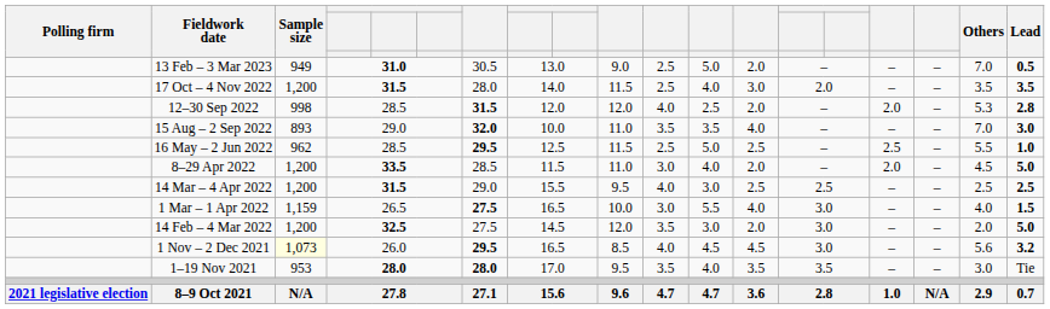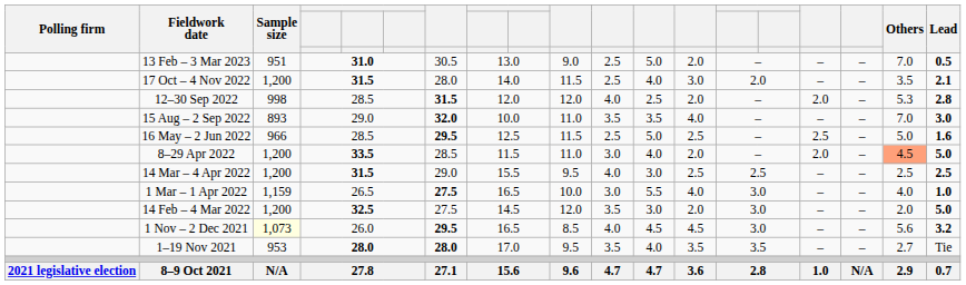 <table class="wikitable mw-collapsible sortable" style="text-align:center;font-size:90%;line-height:14px;">
 <tr>
 <th rowspan="3">Polling firm</th>
 <th rowspan="3">Fieldwork<br>date</th>
 <th rowspan="3">Sample<br>size</th>
 <th colspan="3" class="unsortable" style="width:40px;"></th>
 <th rowspan="2" class="unsortable" style="width:40px;"></th>
 <th colspan="2" class="unsortable" style="width:40px;"></th>
 <th rowspan="2" class="unsortable" style="width:40px;"></th>
 <th rowspan="2" class="unsortable" style="width:40px;"></th>
 <th rowspan="2" class="unsortable" style="width:40px;"></th>
 <th rowspan="2" class="unsortable" style="width:40px;"></th>
 <th colspan="2" class="unsortable" style="width:40px;"></th>
 <th rowspan="2" class="unsortable" style="width:40px;"></th>
 <th rowspan="2" class="unsortable" style="width:40px;"></th>
 <th rowspan="3" style="width:40px;">Others</th>
 <th rowspan="3" style="width:25px;">Lead</th>
 </tr>
 <tr style="height:40px;">
 <th class="unsortable" style="width:40px;"></th>
 <th class="unsortable" style="width:40px;"></th>
 <th class="unsortable" style="width:40px;"></th>
 <th class="unsortable" style="width:40px;"></th>
 <th class="unsortable" style="width:40px;"></th>
 <th class="unsortable" style="width:40px;"></th>
 <th class="unsortable" style="width:40px;"></th>
 </tr>
 <tr>
 <th class="unsortable" style="color:inherit;background:"></th>
 <th class="unsortable" style="color:inherit;background:"></th>
 <th class="unsortable" style="color:inherit;background:"></th>
 <th class="unsortable" style="color:inherit;background:"></th>
 <th class="unsortable" style="color:inherit;background:"></th>
 <th class="unsortable" style="color:inherit;background:"></th>
 <th class="unsortable" style="color:inherit;background:"></th>
 <th class="unsortable" style="color:inherit;background:"></th>
 <th class="unsortable" style="color:inherit;background:"></th>
 <th class="unsortable" style="color:inherit;background:"></th>
 <th class="unsortable" style="color:inherit;background:"></th>
 <th class="unsortable" style="color:inherit;background:"></th>
 <th class="unsortable" style="color:inherit;background:"></th>
 <th class="unsortable" style="color:inherit;background:"></th>
 </tr>
 <tr>
 <td></td>
 <td>13 Feb – 3 Mar 2023</td>
-<td>949</td>
+<td>951</td>
 <td colspan="3" ><strong>31.0</strong></td>
 <td>30.5</td>
 <td colspan="2">13.0</td>
 <td>9.0</td>
 <td>2.5</td>
 <td>5.0</td>
 <td>2.0</td>
 <td colspan="2">–</td>
 <td>–</td>
 <td>–</td>
 <td>7.0</td>
 <td style="background:"><strong>0.5</strong></td>
 </tr>
 <tr>
 <td></td>
 <td>17 Oct – 4 Nov 2022</td>
 <td>1,200</td>
 <td colspan="3" ><strong>31.5</strong></td>
 <td>28.0</td>
 <td colspan="2">14.0</td>
 <td>11.5</td>
 <td>2.5</td>
 <td>4.0</td>
 <td>3.0</td>
 <td colspan="2">2.0</td>
 <td>–</td>
 <td>–</td>
 <td>3.5</td>
-<td style="background:"><strong>3.5</strong></td>
+<td style="background:"><strong>2.1</strong></td>
 </tr>
 <tr>
 <td></td>
 <td>12–30 Sep 2022</td>
 <td>998</td>
 <td colspan="3">28.5</td>
 <td><strong>31.5</strong></td>
 <td colspan="2">12.0</td>
 <td>12.0</td>
 <td>4.0</td>
 <td>2.5</td>
 <td>2.0</td>
 <td colspan="2">–</td>
 <td>2.0</td>
 <td>–</td>
 <td>5.3</td>
 <td style="background:"><strong>2.8</strong></td>
 </tr>
 <tr>
 <td></td>
 <td>15 Aug – 2 Sep 2022</td>
 <td>893</td>
 <td colspan="3">29.0</td>
 <td><strong>32.0</strong></td>
 <td colspan="2">10.0</td>
 <td>11.0</td>
 <td>3.5</td>
 <td>3.5</td>
 <td>4.0</td>
 <td colspan="2">–</td>
 <td>–</td>
 <td>–</td>
 <td>7.0</td>
 <td style="background:"><strong>3.0</strong></td>
 </tr>
 <tr>
 <td></td>
 <td>16 May – 2 Jun 2022</td>
-<td>962</td>
+<td>966</td>
 <td colspan="3">28.5</td>
 <td><strong>29.5</strong></td>
 <td colspan="2">12.5</td>
 <td>11.5</td>
 <td>2.5</td>
 <td>5.0</td>
 <td>2.5</td>
 <td colspan="2">–</td>
 <td>2.5</td>
 <td>–</td>
-<td>5.5</td>
-<td style="background:"><strong>1.0</strong></td>
+<td>5.0</td>
+<td style="background:"><strong>1.6</strong></td>
 </tr>
 <tr>
 <td></td>
 <td>8–29 Apr 2022</td>
 <td>1,200</td>
 <td colspan="3" ><strong>33.5</strong></td>
 <td>28.5</td>
 <td colspan="2">11.5</td>
 <td>11.0</td>
 <td>3.0</td>
 <td>4.0</td>
 <td>2.0</td>
 <td colspan="2">–</td>
 <td>2.0</td>
 <td>–</td>
-<td>4.5</td>
+<td style="background: lightsalmon;">4.5</td>
 <td style="background:"><strong>5.0</strong></td>
 </tr>
 <tr>
 <td></td>
 <td>14 Mar – 4 Apr 2022</td>
 <td>1,200</td>
 <td colspan="3" ><strong>31.5</strong></td>
 <td>29.0</td>
 <td colspan="2">15.5</td>
 <td>9.5</td>
 <td>4.0</td>
 <td>3.0</td>
 <td>2.5</td>
 <td colspan="2">2.5</td>
 <td>–</td>
 <td>–</td>
 <td>2.5</td>
 <td style="background:"><strong>2.5</strong></td>
 </tr>
 <tr>
 <td></td>
 <td>1 Mar – 1 Apr 2022</td>
 <td>1,159</td>
 <td colspan="3">26.5</td>
 <td><strong>27.5</strong></td>
 <td colspan="2">16.5</td>
 <td>10.0</td>
 <td>3.0</td>
 <td>5.5</td>
 <td>4.0</td>
 <td colspan="2">3.0</td>
 <td>–</td>
 <td>–</td>
 <td>4.0</td>
-<td style="background:"><strong>1.5</strong></td>
+<td style="background:"><strong>1.0</strong></td>
 </tr>
 <tr>
 <td></td>
 <td>14 Feb – 4 Mar 2022</td>
 <td>1,200</td>
 <td colspan="3" ><strong>32.5</strong></td>
 <td>27.5</td>
 <td colspan="2">14.5</td>
 <td>12.0</td>
 <td>3.5</td>
 <td>3.0</td>
 <td>2.0</td>
 <td colspan="2">3.0</td>
 <td>–</td>
 <td>–</td>
 <td>2.0</td>
 <td style="background:"><strong>5.0</strong></td>
 </tr>
 <tr>
 <td></td>
 <td>1 Nov – 2 Dec 2021</td>
 <td style="background: lightyellow;">1,073</td>
 <td colspan="3">26.0</td>
 <td><strong>29.5</strong></td>
 <td colspan="2">16.5</td>
 <td>8.5</td>
 <td>4.0</td>
 <td>4.5</td>
 <td>4.5</td>
 <td colspan="2">3.0</td>
 <td>–</td>
 <td>–</td>
 <td>5.6</td>
 <td style="background:"><strong>3.2</strong></td>
 </tr>
 <tr>
 <td></td>
 <td>1–19 Nov 2021</td>
 <td>953</td>
 <td colspan="3" ><strong>28.0</strong></td>
 <td><strong>28.0</strong></td>
 <td colspan="2">17.0</td>
 <td>9.5</td>
 <td>3.5</td>
 <td>4.0</td>
 <td>3.5</td>
 <td colspan="2">3.5</td>
 <td>–</td>
 <td>–</td>
-<td>3.0</td>
+<td>2.7</td>
 <td>Tie</td>
 </tr>
 <tr>
 <td colspan="19" style="background:#D0D0D0; color:black"></td>
 </tr>
 <tr>
 <th><a href='#'>2021 legislative election</a></th>
 <th>8–9 Oct 2021</th>
 <th>N/A</th>
 <th colspan="3" ><strong>27.8</strong></th>
 <th>27.1</th>
 <th colspan="2">15.6</th>
 <th>9.6</th>
 <th>4.7</th>
 <th>4.7</th>
 <th>3.6</th>
 <th colspan="2">2.8</th>
 <th>1.0</th>
 <th>N/A</th>
 <th>2.9</th>
 <th style="background:">0.7</th>
 </tr>
 </table>
